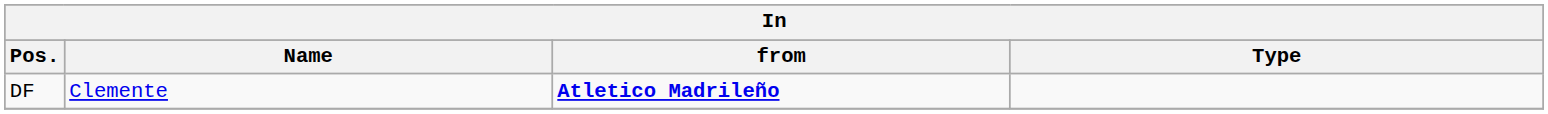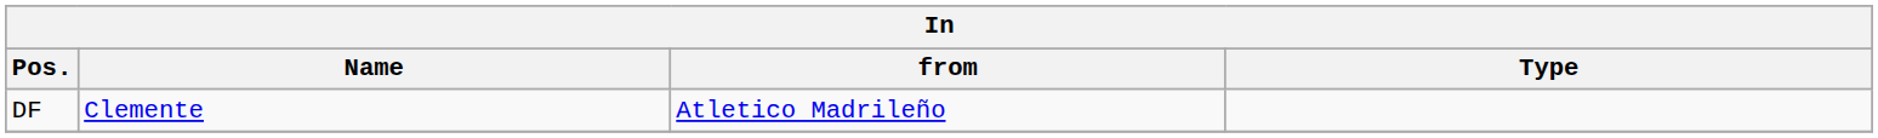 <table class="wikitable" style="font-size:90%;width:99%;">
 <tr>
 <th colspan="4">In</th>
 </tr>
 <tr>
 <th width=3%>Pos.</th>
 <th width=32%>Name</th>
 <th width=30%>from</th>
 <th width=35%>Type</th>
 </tr>
 <tr>
 <td>DF</td>
 <td><a href='#'>Clemente</a></td>
-<td><strong><a href='#'>Atletico Madrileño</a></strong></td>
+<td><a href='#'>Atletico Madrileño</a></td>
 <td></td>
 </tr>
 <tr>
 </tr>
 </table>
